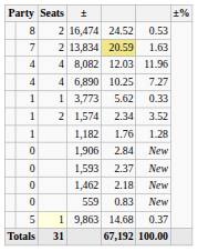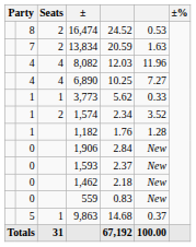 <table class=wikitable>
 <tr>
 <th colspan="2" style="text-align:center;">Party</th>
 <th valign=top>Seats</th>
 <th valign=top>±</th>
 <th valign=top></th>
 <th valign=top></th>
 <th valign=top>±%</th>
 </tr>
 <tr>
 <td></td>
 <td align=right>8</td>
 <td align=right>2</td>
 <td align=right>16,474</td>
 <td align=right>24.52</td>
 <td align=right>0.53</td>
 </tr>
 <tr>
 <td></td>
 <td align=right>7</td>
 <td align=right>2</td>
 <td align=right>13,834</td>
-<td align=right style="background: khaki;">20.59</td>
+<td align=right>20.59</td>
 <td align=right>1.63</td>
 </tr>
 <tr>
 <td></td>
 <td align=right>4</td>
 <td align=right>4</td>
 <td align=right>8,082</td>
 <td align=right>12.03</td>
 <td align=right>11.96</td>
 </tr>
 <tr>
 <td></td>
 <td align=right>4</td>
 <td align=right>4</td>
 <td align=right>6,890</td>
 <td align=right>10.25</td>
 <td align=right>7.27</td>
 </tr>
 <tr>
 <td></td>
 <td align=right>1</td>
 <td align=right>1</td>
 <td align=right>3,773</td>
 <td align=right>5.62</td>
 <td align=right>0.33</td>
 </tr>
 <tr>
 <td></td>
 <td align=right>1</td>
 <td align=right>2</td>
 <td align=right>1,574</td>
 <td align=right>2.34</td>
 <td align=right>3.52</td>
 </tr>
 <tr>
 <td></td>
 <td align=right>1</td>
 <td align=right></td>
 <td align=right>1,182</td>
 <td align=right>1.76</td>
 <td align=right>1.28</td>
 </tr>
 <tr>
 <td></td>
 <td align=right>0</td>
 <td align=right></td>
 <td align=right>1,906</td>
 <td align=right>2.84</td>
 <td align=right><em>New</em></td>
 </tr>
 <tr>
 <td></td>
 <td align=right>0</td>
 <td align=right></td>
 <td align=right>1,593</td>
 <td align=right>2.37</td>
 <td align=right><em>New</em></td>
 </tr>
 <tr>
 <td></td>
 <td align=right>0</td>
 <td align=right></td>
 <td align=right>1,462</td>
 <td align=right>2.18</td>
 <td align=right><em>New</em></td>
 </tr>
 <tr>
 <td></td>
 <td align=right>0</td>
 <td align=right></td>
 <td align=right>559</td>
 <td align=right>0.83</td>
 <td align=right><em>New</em></td>
 </tr>
 <tr>
 <td></td>
 <td align=right>5</td>
-<td align=right style="background: lightyellow;">1</td>
+<td align=right>1</td>
 <td align=right>9,863</td>
 <td align=right>14.68</td>
 <td align=right>0.37</td>
 </tr>
 <tr style="font-weight:bold; background:rgb(232,232,232);">
 <td colspan="2" style="text-align:center;">Totals</td>
 <td align=right>31</td>
 <td align=center></td>
 <td align=right>67,192</td>
 <td align=center>100.00</td>
 <td align=center></td>
 </tr>
 </table>
